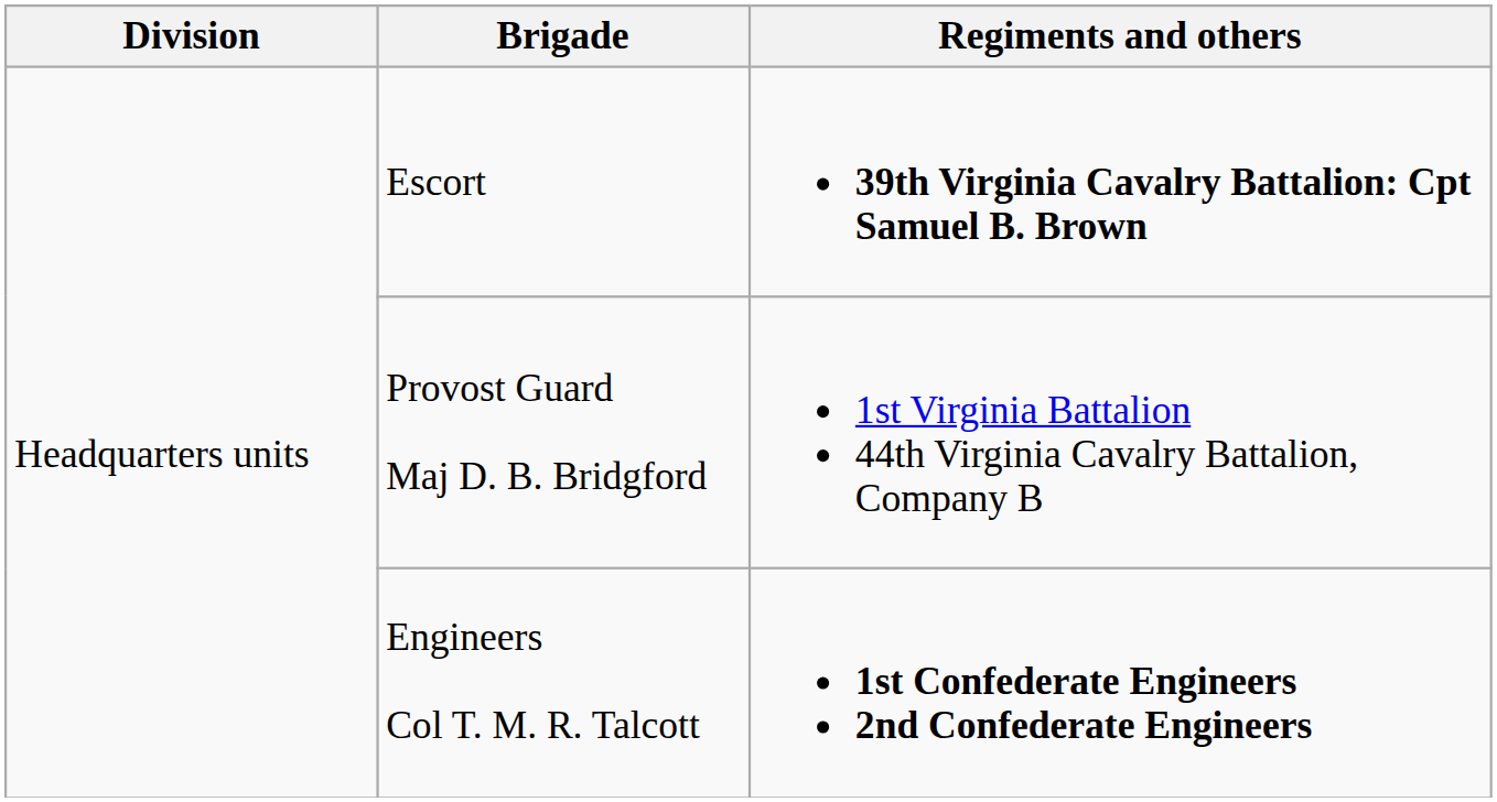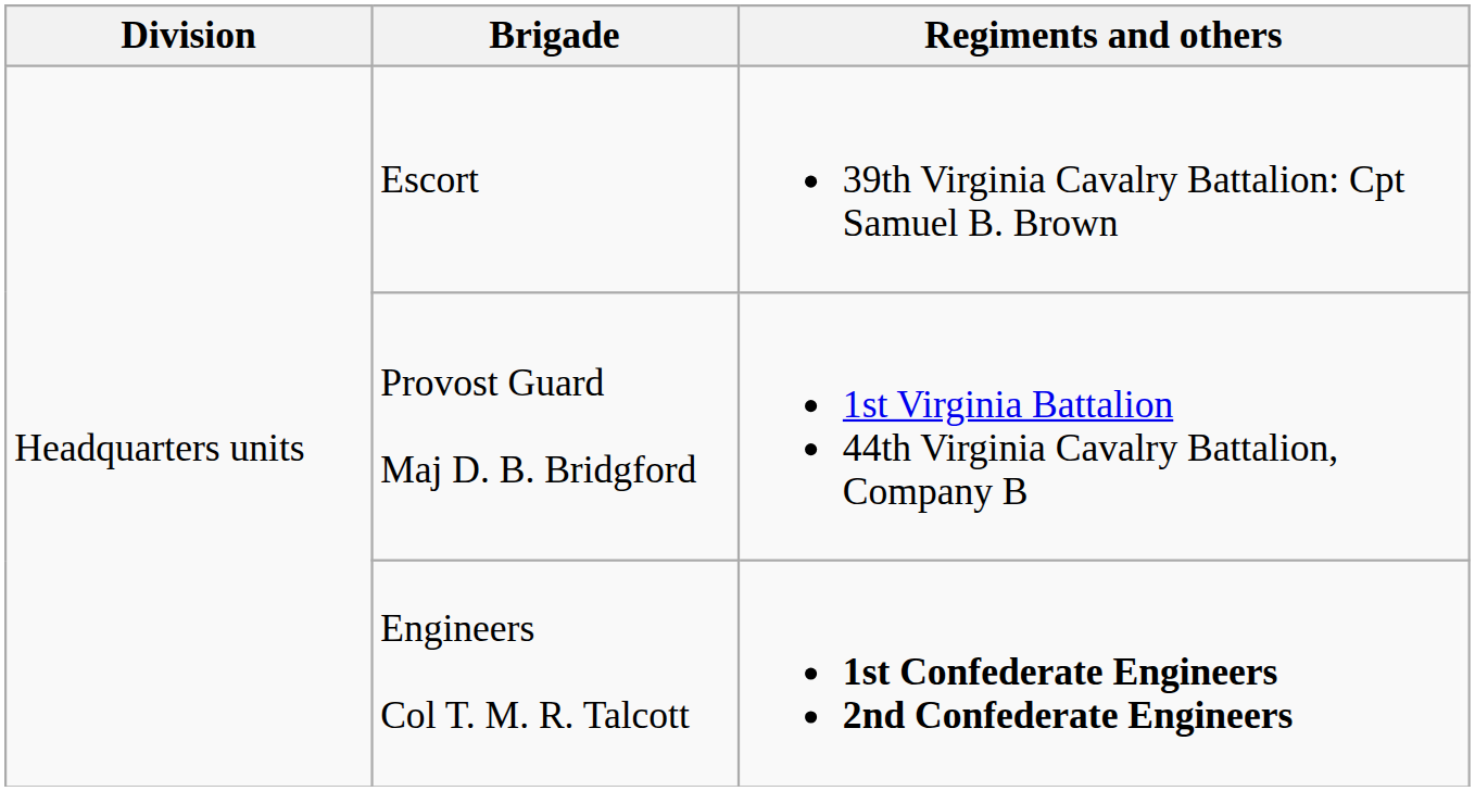 <table class="wikitable">
 <tr>
 <th style="width:25%;">Division</th>
 <th style="width:25%;">Brigade</th>
 <th>Regiments and others</th>
 </tr>
 <tr>
 <td rowspan=3><br>Headquarters units</td>
 <td>Escort</td>
-<td><strong><br><ul><li>39th Virginia Cavalry Battalion: Cpt Samuel B. Brown</li></ul></strong></td>
+<td><br><ul><li>39th Virginia Cavalry Battalion: Cpt Samuel B. Brown</li></ul></td>
 </tr>
 <tr>
 <td>Provost Guard<br><br> Maj D. B. Bridgford</td>
 <td><br><ul><li><a href='#'>1st Virginia Battalion</a></li><li>44th Virginia Cavalry Battalion, Company B</li></ul></td>
 </tr>
 <tr>
 <td>Engineers<br><br> Col T. M. R. Talcott</td>
 <td><strong><br><ul><li>1st Confederate Engineers</li><li>2nd Confederate Engineers</li></ul></strong></td>
 </tr>
 </table>
